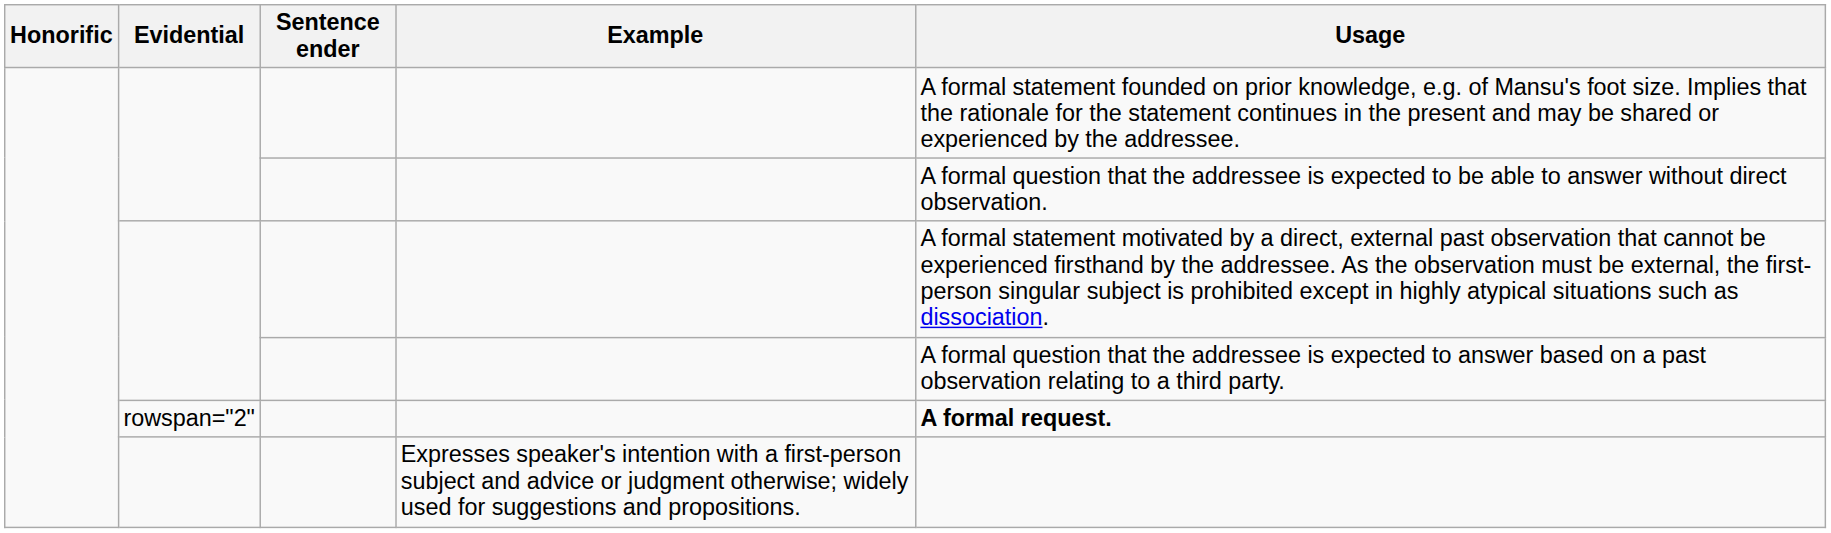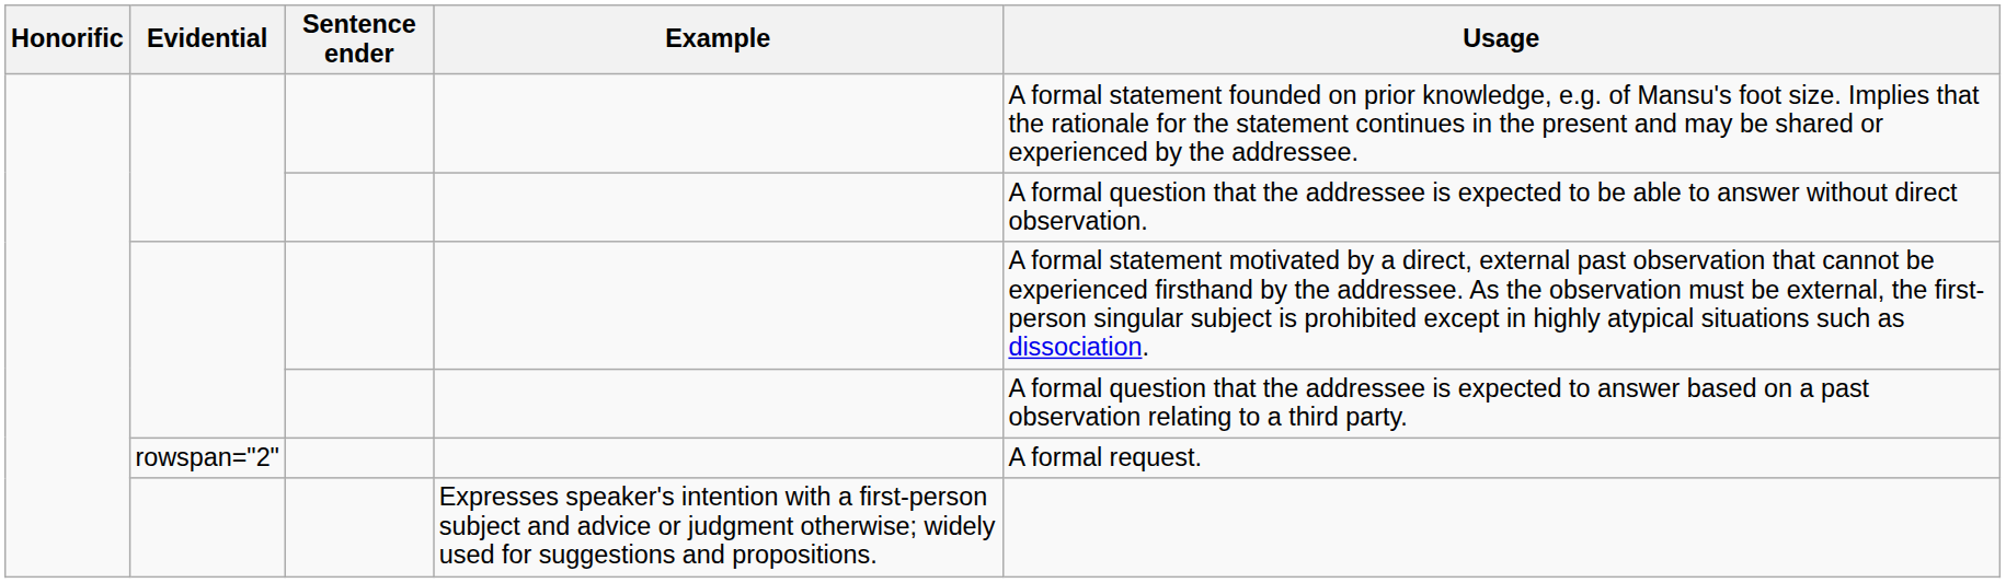 <table class="wikitable">
 <tr>
 <th>Honorific</th>
 <th>Evidential</th>
 <th>Sentence ender</th>
 <th>Example</th>
 <th width="50%">Usage</th>
 </tr>
 <tr>
 <td rowspan="6"> </td>
 <td rowspan="2"> </td>
 <td> </td>
 <td></td>
 <td>A formal statement founded on prior knowledge, e.g. of Mansu's foot size. Implies that the rationale for the statement continues in the present and may be shared or experienced by the addressee.</td>
 </tr>
 <tr>
 <td> </td>
 <td></td>
 <td>A formal question that the addressee is expected to be able to answer without direct observation.</td>
 </tr>
 <tr>
 <td rowspan="2"> </td>
 <td> </td>
 <td></td>
 <td>A formal statement motivated by a direct, external past observation that cannot be experienced firsthand by the addressee. As the observation must be external, the first-person singular subject is prohibited except in highly atypical situations such as <a href='#'>dissociation</a>.</td>
 </tr>
 <tr>
 <td> </td>
 <td></td>
 <td>A formal question that the addressee is expected to answer based on a past observation relating to a third party.</td>
 </tr>
 <tr>
 <td>rowspan="2" </td>
 <td> </td>
 <td></td>
-<td><strong>A formal request.</strong></td>
+<td>A formal request.</td>
 </tr>
 <tr>
 <td> </td>
 <td></td>
 <td>Expresses speaker's intention with a first-person subject and advice or judgment otherwise; widely used for suggestions and propositions.</td>
 </tr>
 </table>
